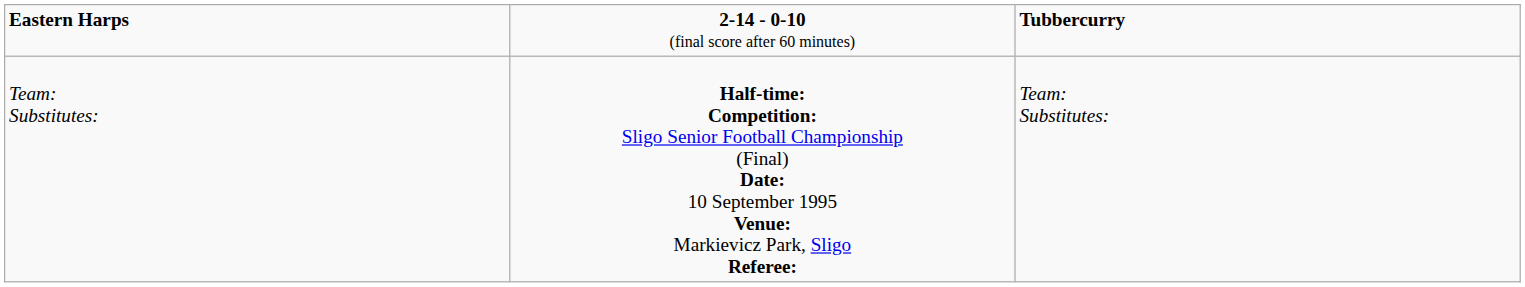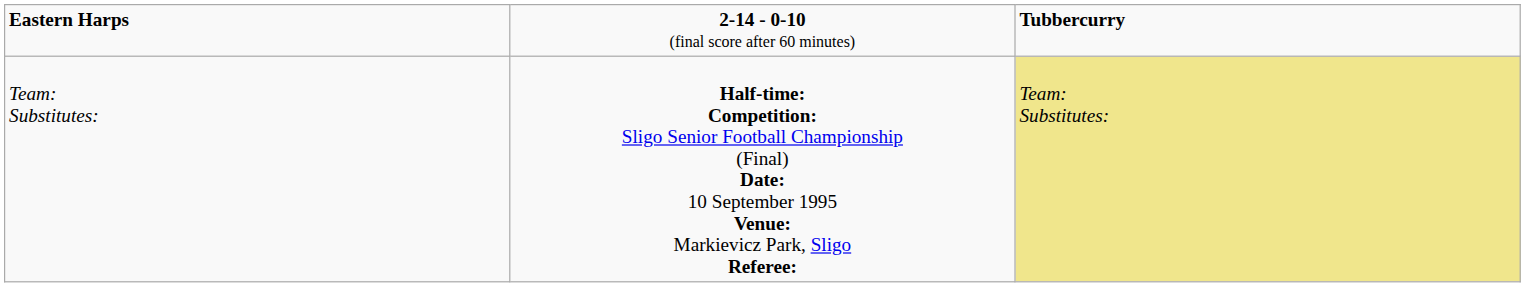 <table border=0 class="wikitable" width=100%>
 <tr>
 <td width=33% valign=top><span><strong>Eastern Harps</strong></span><br><small></small></td>
 <td width=33% valign=top align=center><span><strong>2-14 - 0-10</strong></span><br><small>(final score after 60 minutes)</small></td>
 <td width=33% valign=top><span><strong>Tubbercurry</strong></span><br><small></small></td>
 </tr>
 <tr>
 <td valign=top><br><em>Team:</em> <br><em>Substitutes:</em> <br></td>
 <td valign=middle align=center><br><strong>Half-time:</strong><br><strong>Competition:</strong><br><a href='#'>Sligo Senior Football Championship</a><br>(Final)<br><strong>Date:</strong><br>10 September 1995<br><strong>Venue:</strong><br>Markievicz Park, <a href='#'>Sligo</a><br><strong>Referee:</strong><br></td>
-<td valign=top><br><em>Team:</em> <br><em>Substitutes:</em> <br></td>
+<td valign=top style="background: khaki;"><br><em>Team:</em> <br><em>Substitutes:</em> <br></td>
 </tr>
 </table>
